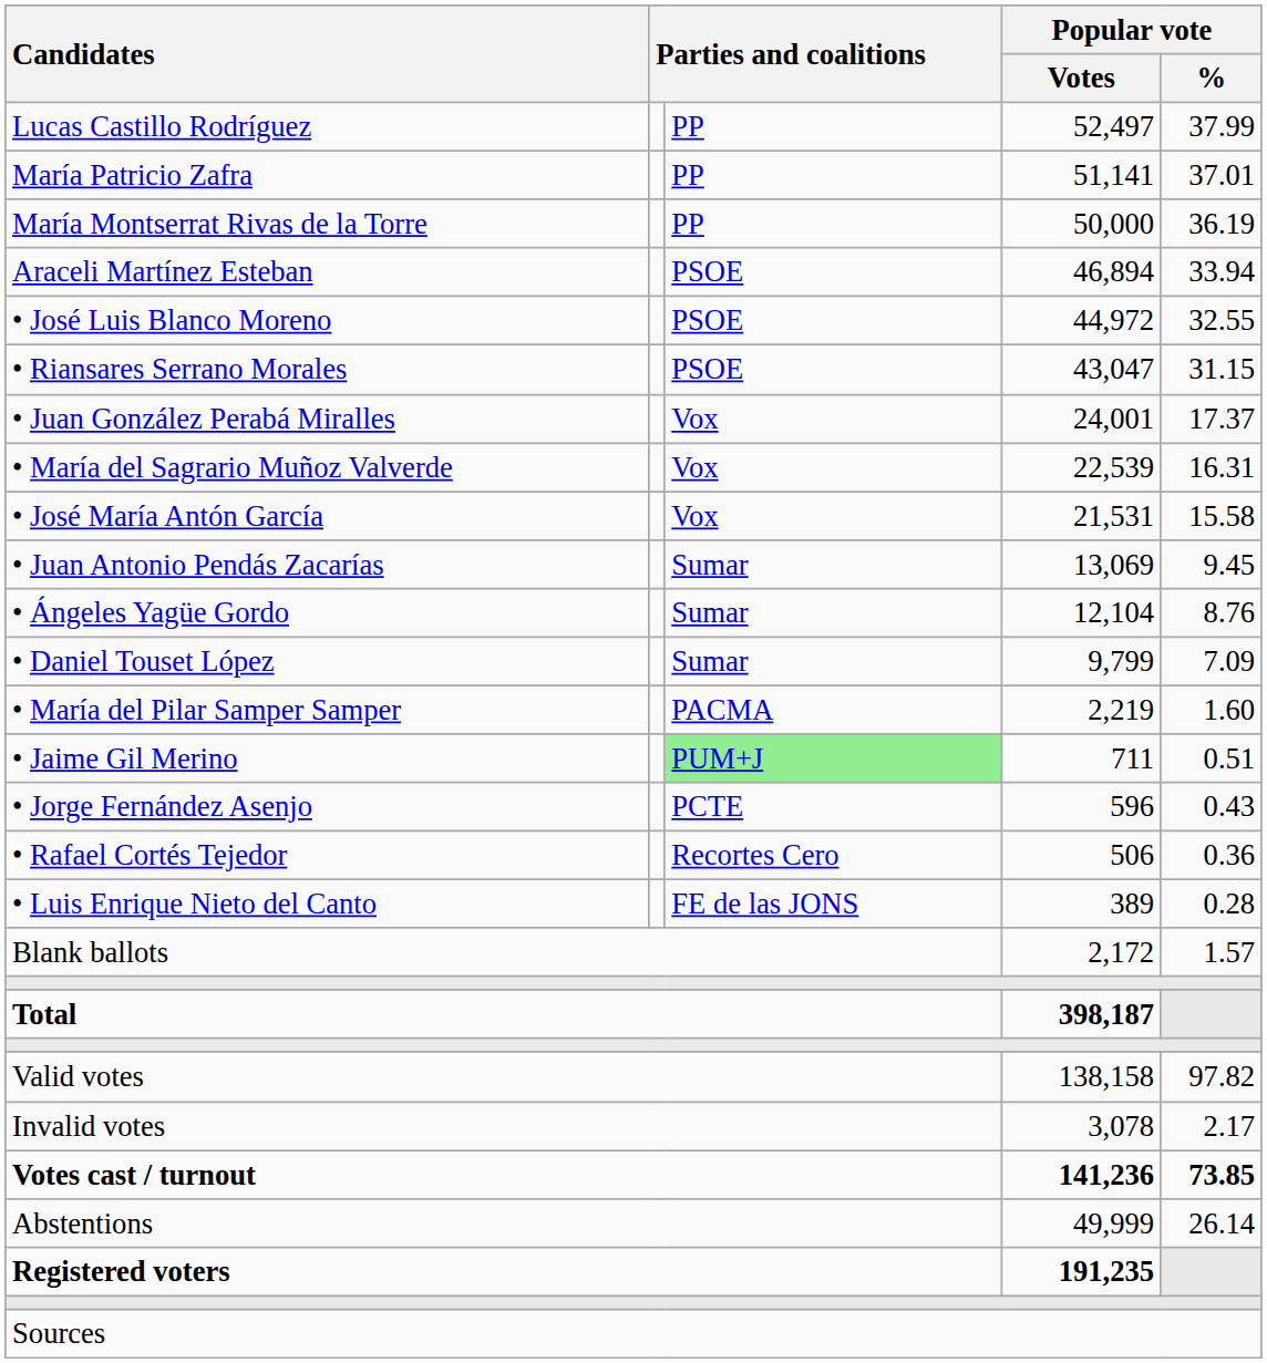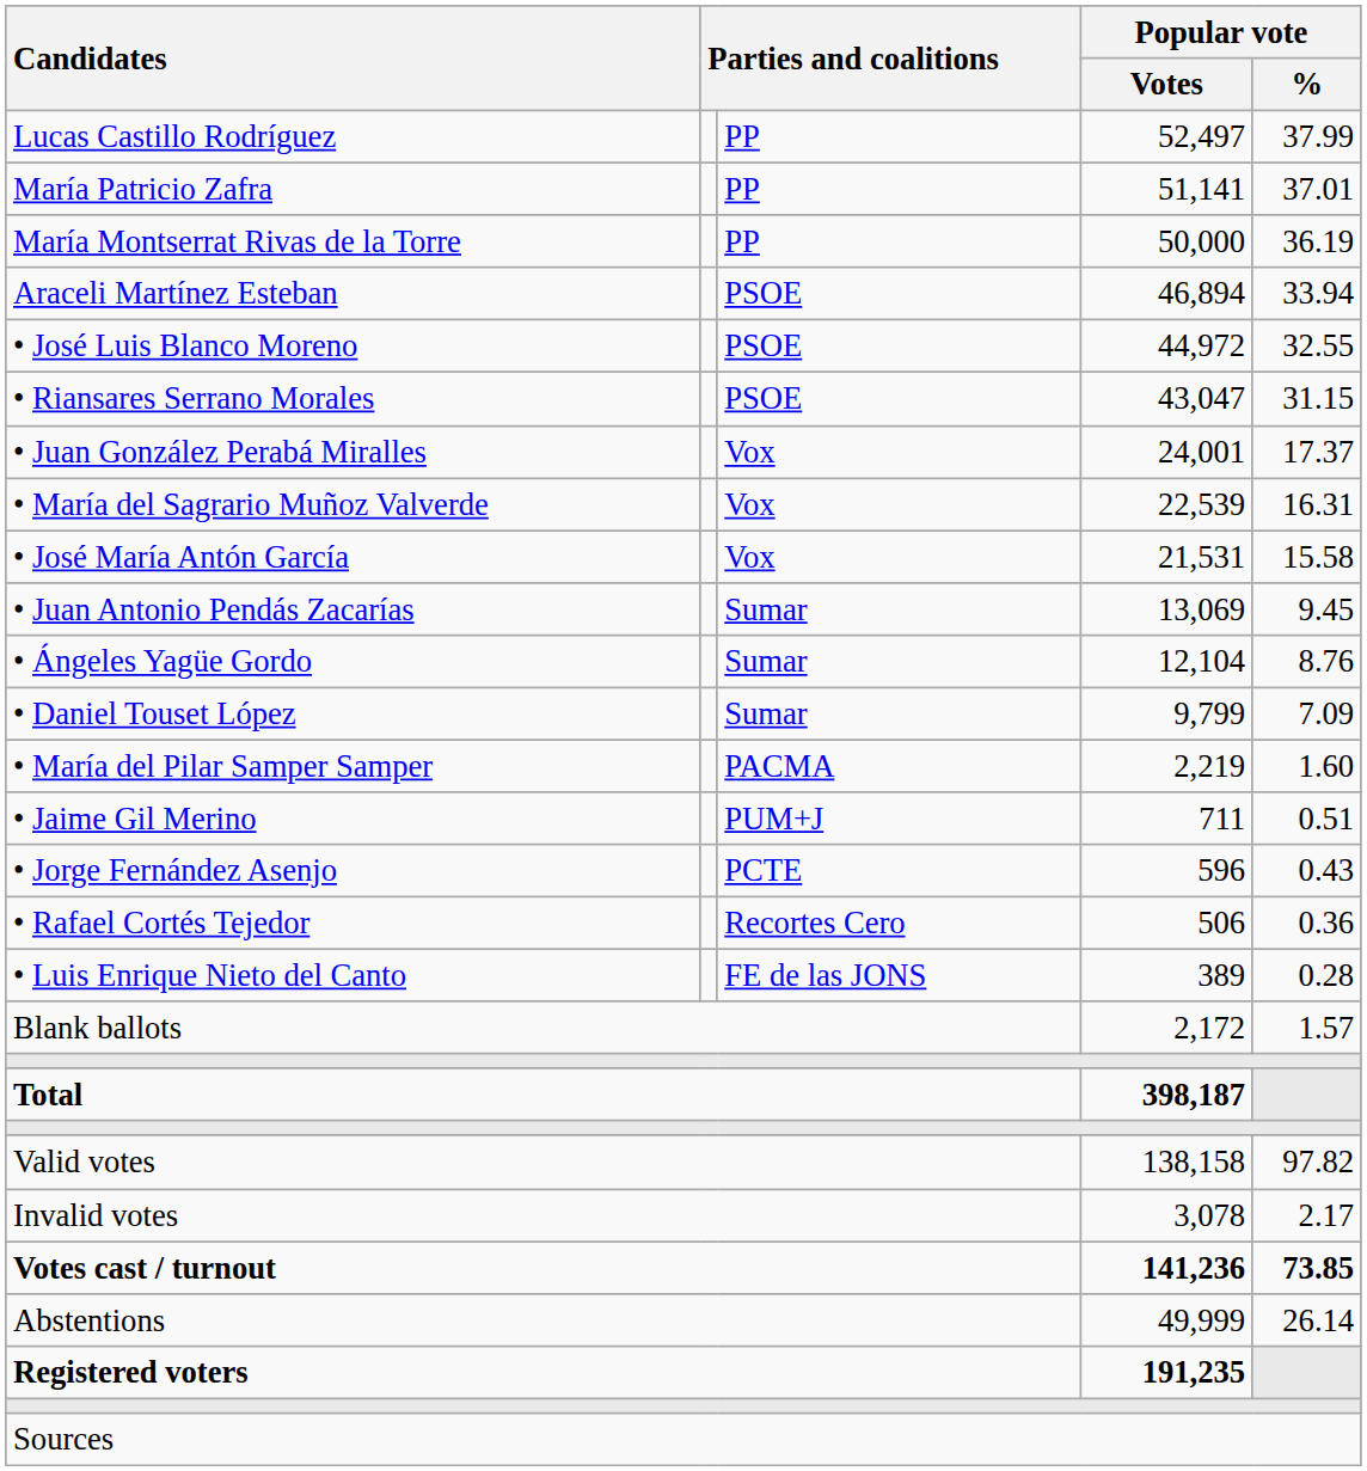 <table class="wikitable" style="text-align:right; font-size:95%;">
 <tr>
 <th style="text-align:left;" rowspan="2" width="325">Candidates</th>
 <th style="text-align:left;" rowspan="2" colspan="2" width="175">Parties and coalitions</th>
 <th colspan="2">Popular vote</th>
 </tr>
 <tr>
 <th width="75">Votes</th>
 <th width="45">%</th>
 </tr>
 <tr>
 <td align="left"> <a href='#'>Lucas Castillo Rodríguez</a></td>
 <td width="1" style="color:inherit;background:"></td>
 <td align="left"><a href='#'>PP</a></td>
 <td>52,497</td>
 <td>37.99</td>
 </tr>
 <tr>
 <td align="left"> <a href='#'>María Patricio Zafra</a></td>
 <td width="1" style="color:inherit;background:"></td>
 <td align="left"><a href='#'>PP</a></td>
 <td>51,141</td>
 <td>37.01</td>
 </tr>
 <tr>
 <td align="left"> <a href='#'>María Montserrat Rivas de la Torre</a></td>
 <td width="1" style="color:inherit;background:"></td>
 <td align="left"><a href='#'>PP</a></td>
 <td>50,000</td>
 <td>36.19</td>
 </tr>
 <tr>
 <td align="left"> <a href='#'>Araceli Martínez Esteban</a></td>
 <td width="1" style="color:inherit;background:"></td>
 <td align="left"><a href='#'>PSOE</a></td>
 <td>46,894</td>
 <td>33.94</td>
 </tr>
 <tr>
 <td align="left">• <a href='#'>José Luis Blanco Moreno</a></td>
 <td width="1" style="color:inherit;background:"></td>
 <td align="left"><a href='#'>PSOE</a></td>
 <td>44,972</td>
 <td>32.55</td>
 </tr>
 <tr>
 <td align="left">• <a href='#'>Riansares Serrano Morales</a></td>
 <td width="1" style="color:inherit;background:"></td>
 <td align="left"><a href='#'>PSOE</a></td>
 <td>43,047</td>
 <td>31.15</td>
 </tr>
 <tr>
 <td align="left">• <a href='#'>Juan González Perabá Miralles</a></td>
 <td width="1" style="color:inherit;background:"></td>
 <td align="left"><a href='#'>Vox</a></td>
 <td>24,001</td>
 <td>17.37</td>
 </tr>
 <tr>
 <td align="left">• <a href='#'>María del Sagrario Muñoz Valverde</a></td>
 <td width="1" style="color:inherit;background:"></td>
 <td align="left"><a href='#'>Vox</a></td>
 <td>22,539</td>
 <td>16.31</td>
 </tr>
 <tr>
 <td align="left">• <a href='#'>José María Antón García</a></td>
 <td width="1" style="color:inherit;background:"></td>
 <td align="left"><a href='#'>Vox</a></td>
 <td>21,531</td>
 <td>15.58</td>
 </tr>
 <tr>
 <td align="left">• <a href='#'>Juan Antonio Pendás Zacarías</a></td>
 <td width="1" style="color:inherit;background:"></td>
 <td align="left"><a href='#'>Sumar</a></td>
 <td>13,069</td>
 <td>9.45</td>
 </tr>
 <tr>
 <td align="left">• <a href='#'>Ángeles Yagüe Gordo</a></td>
 <td width="1" style="color:inherit;background:"></td>
 <td align="left"><a href='#'>Sumar</a></td>
 <td>12,104</td>
 <td>8.76</td>
 </tr>
 <tr>
 <td align="left">• <a href='#'>Daniel Touset López</a></td>
 <td width="1" style="color:inherit;background:"></td>
 <td align="left"><a href='#'>Sumar</a></td>
 <td>9,799</td>
 <td>7.09</td>
 </tr>
 <tr>
 <td align="left">• <a href='#'>María del Pilar Samper Samper</a></td>
 <td width="1" style="color:inherit;background:"></td>
 <td align="left"><a href='#'>PACMA</a></td>
 <td>2,219</td>
 <td>1.60</td>
 </tr>
 <tr>
 <td align="left">• <a href='#'>Jaime Gil Merino</a></td>
 <td width="1" style="color:inherit;background:"></td>
-<td align="left" style="background: lightgreen;"><a href='#'>PUM+J</a></td>
+<td align="left"><a href='#'>PUM+J</a></td>
 <td>711</td>
 <td>0.51</td>
 </tr>
 <tr>
 <td align="left">• <a href='#'>Jorge Fernández Asenjo</a></td>
 <td width="1" style="color:inherit;background:"></td>
 <td align="left"><a href='#'>PCTE</a></td>
 <td>596</td>
 <td>0.43</td>
 </tr>
 <tr>
 <td align="left">• <a href='#'>Rafael Cortés Tejedor</a></td>
 <td width="1" style="color:inherit;background:"></td>
 <td align="left"><a href='#'>Recortes Cero</a></td>
 <td>506</td>
 <td>0.36</td>
 </tr>
 <tr>
 <td align="left">• <a href='#'>Luis Enrique Nieto del Canto</a></td>
 <td width="1" style="color:inherit;background:"></td>
 <td align="left"><a href='#'>FE de las JONS</a></td>
 <td>389</td>
 <td>0.28</td>
 </tr>
 <tr>
 <td align="left" colspan="3">Blank ballots</td>
 <td>2,172</td>
 <td>1.57</td>
 </tr>
 <tr>
 <td colspan="5" bgcolor="#E9E9E9"></td>
 </tr>
 <tr style="font-weight:bold;">
 <td align="left" colspan="3">Total</td>
 <td>398,187</td>
 <td bgcolor="#E9E9E9"></td>
 </tr>
 <tr>
 <td colspan="5" bgcolor="#E9E9E9"></td>
 </tr>
 <tr>
 <td align="left" colspan="3">Valid votes</td>
 <td>138,158</td>
 <td>97.82</td>
 </tr>
 <tr>
 <td align="left" colspan="3">Invalid votes</td>
 <td>3,078</td>
 <td>2.17</td>
 </tr>
 <tr style="font-weight:bold;">
 <td align="left" colspan="3">Votes cast / turnout</td>
 <td>141,236</td>
 <td>73.85</td>
 </tr>
 <tr>
 <td align="left" colspan="3">Abstentions</td>
 <td>49,999</td>
 <td>26.14</td>
 </tr>
 <tr style="font-weight:bold;">
 <td align="left" colspan="3">Registered voters</td>
 <td>191,235</td>
 <td bgcolor="#E9E9E9"></td>
 </tr>
 <tr>
 <td colspan="5" bgcolor="#E9E9E9"></td>
 </tr>
 <tr>
 <td align="left" colspan="5">Sources</td>
 </tr>
 </table>
